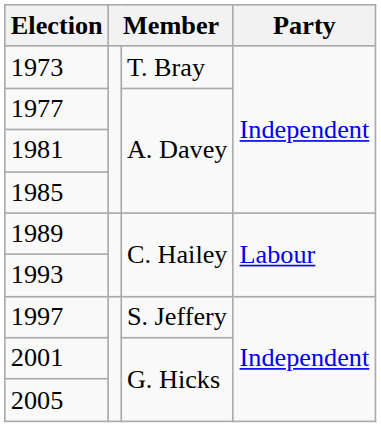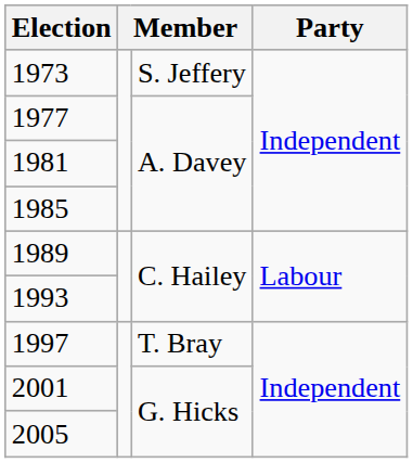 <table class="wikitable">
 <tr>
 <th>Election</th>
 <th colspan="2">Member</th>
 <th>Party</th>
 </tr>
 <tr>
 <td>1973</td>
 <td rowspan="4" style="background-color: "></td>
-<td rowspan="1">T. Bray</td>
+<td rowspan="1">S. Jeffery</td>
 <td rowspan="4"><a href='#'>Independent</a></td>
 </tr>
 <tr>
 <td>1977</td>
 <td rowspan="3">A. Davey</td>
 </tr>
 <tr>
 <td>1981</td>
 </tr>
 <tr>
 <td>1985</td>
 </tr>
 <tr>
 <td>1989</td>
 <td rowspan="2" style="background-color: "></td>
 <td rowspan="2">C. Hailey</td>
 <td rowspan="2"><a href='#'>Labour</a></td>
 </tr>
 <tr>
 <td>1993</td>
 </tr>
 <tr>
 <td>1997</td>
 <td rowspan="3" style="background-color: "></td>
-<td rowspan="1">S. Jeffery</td>
+<td rowspan="1">T. Bray</td>
 <td rowspan="3"><a href='#'>Independent</a></td>
 </tr>
 <tr>
 <td>2001</td>
 <td rowspan="2">G. Hicks</td>
 </tr>
 <tr>
 <td>2005</td>
 </tr>
 </table>
